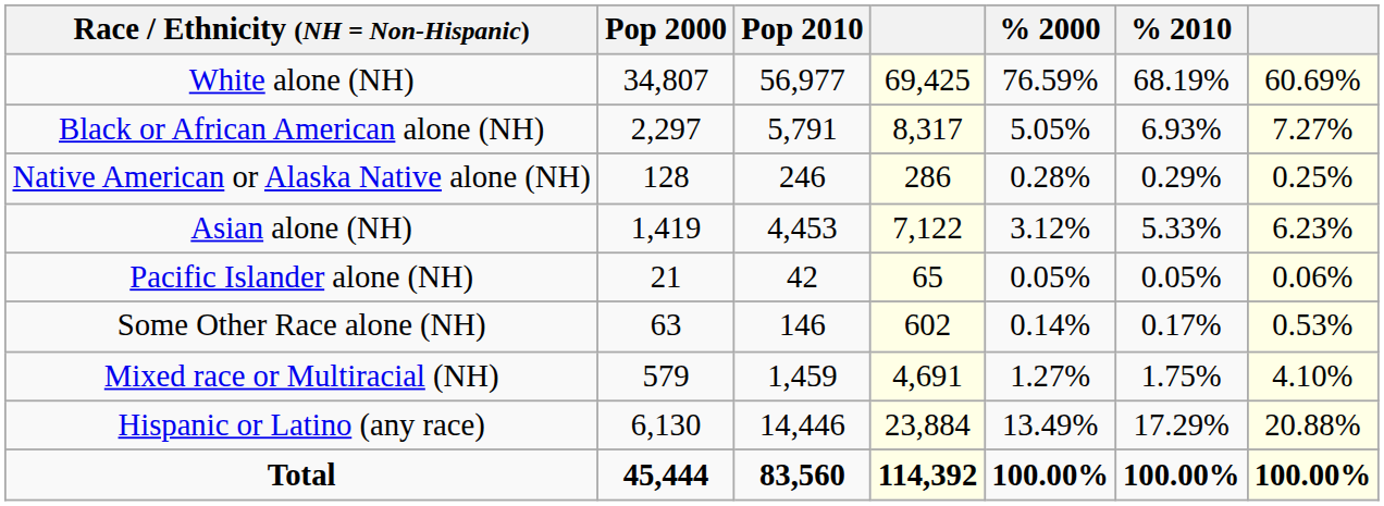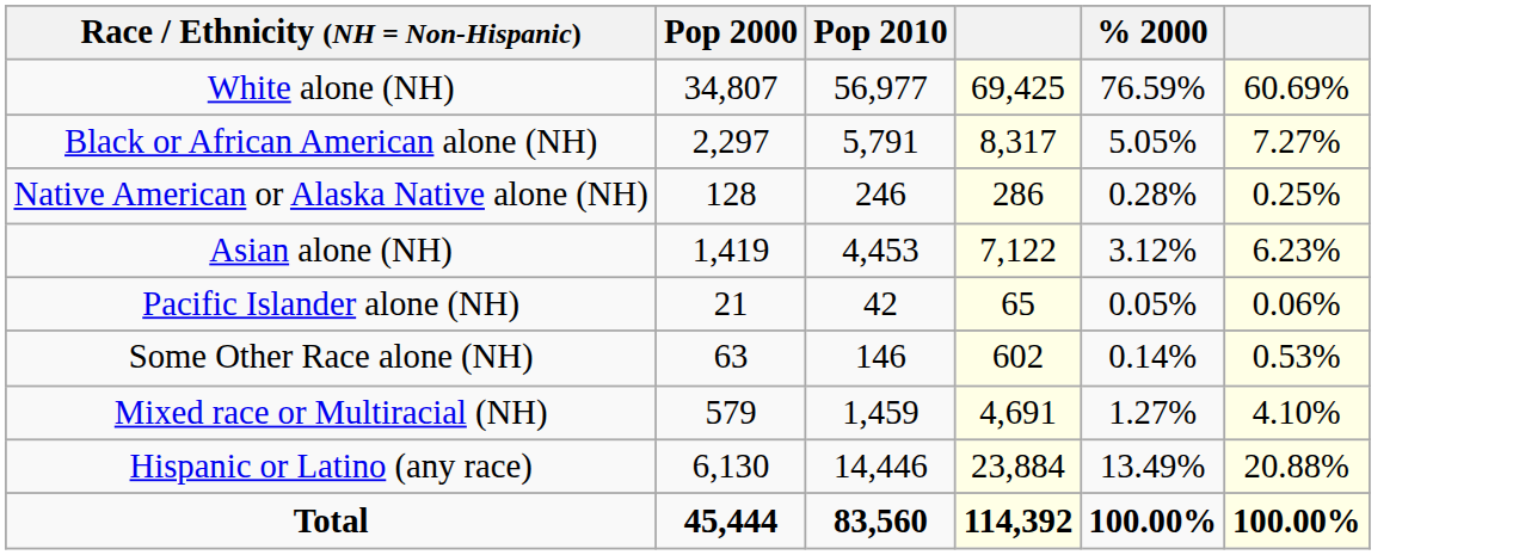 <table class="wikitable" style="text-align:center;">
 <tr>
 <th>Race / Ethnicity <small>(<em>NH = Non-Hispanic</em>)</small></th>
 <th>Pop 2000</th>
 <th>Pop 2010</th>
 <th></th>
 <th>% 2000</th>
-<th>% 2010</th>
 <th></th>
 </tr>
 <tr>
 <td><a href='#'>White</a> alone (NH)</td>
 <td>34,807</td>
 <td>56,977</td>
 <td style='background: #ffffe6;'>69,425</td>
 <td>76.59%</td>
-<td>68.19%</td>
 <td style='background: #ffffe6;'>60.69%</td>
 </tr>
 <tr>
 <td><a href='#'>Black or African American</a> alone (NH)</td>
 <td>2,297</td>
 <td>5,791</td>
 <td style='background: #ffffe6;'>8,317</td>
 <td>5.05%</td>
-<td>6.93%</td>
 <td style='background: #ffffe6;'>7.27%</td>
 </tr>
 <tr>
 <td><a href='#'>Native American</a> or <a href='#'>Alaska Native</a> alone (NH)</td>
 <td>128</td>
 <td>246</td>
 <td style='background: #ffffe6;'>286</td>
 <td>0.28%</td>
-<td>0.29%</td>
 <td style='background: #ffffe6;'>0.25%</td>
 </tr>
 <tr>
 <td><a href='#'>Asian</a> alone (NH)</td>
 <td>1,419</td>
 <td>4,453</td>
 <td style='background: #ffffe6;'>7,122</td>
 <td>3.12%</td>
-<td>5.33%</td>
 <td style='background: #ffffe6;'>6.23%</td>
 </tr>
 <tr>
 <td><a href='#'>Pacific Islander</a> alone (NH)</td>
 <td>21</td>
 <td>42</td>
 <td style='background: #ffffe6;'>65</td>
-<td>0.05%</td>
 <td>0.05%</td>
 <td style='background: #ffffe6;'>0.06%</td>
 </tr>
 <tr>
 <td>Some Other Race alone (NH)</td>
 <td>63</td>
 <td>146</td>
 <td style='background: #ffffe6;'>602</td>
 <td>0.14%</td>
-<td>0.17%</td>
 <td style='background: #ffffe6;'>0.53%</td>
 </tr>
 <tr>
 <td><a href='#'>Mixed race or Multiracial</a> (NH)</td>
 <td>579</td>
 <td>1,459</td>
 <td style='background: #ffffe6;'>4,691</td>
 <td>1.27%</td>
-<td>1.75%</td>
 <td style='background: #ffffe6;'>4.10%</td>
 </tr>
 <tr>
 <td><a href='#'>Hispanic or Latino</a> (any race)</td>
 <td>6,130</td>
 <td>14,446</td>
 <td style='background: #ffffe6;'>23,884</td>
 <td>13.49%</td>
-<td>17.29%</td>
 <td style='background: #ffffe6;'>20.88%</td>
 </tr>
 <tr>
 <td><strong>Total</strong></td>
 <td><strong>45,444</strong></td>
 <td><strong>83,560</strong></td>
 <td style='background: #ffffe6;'><strong>114,392</strong></td>
 <td><strong>100.00%</strong></td>
-<td><strong>100.00%</strong></td>
 <td style='background: #ffffe6;'><strong>100.00%</strong></td>
 </tr>
 </table>
